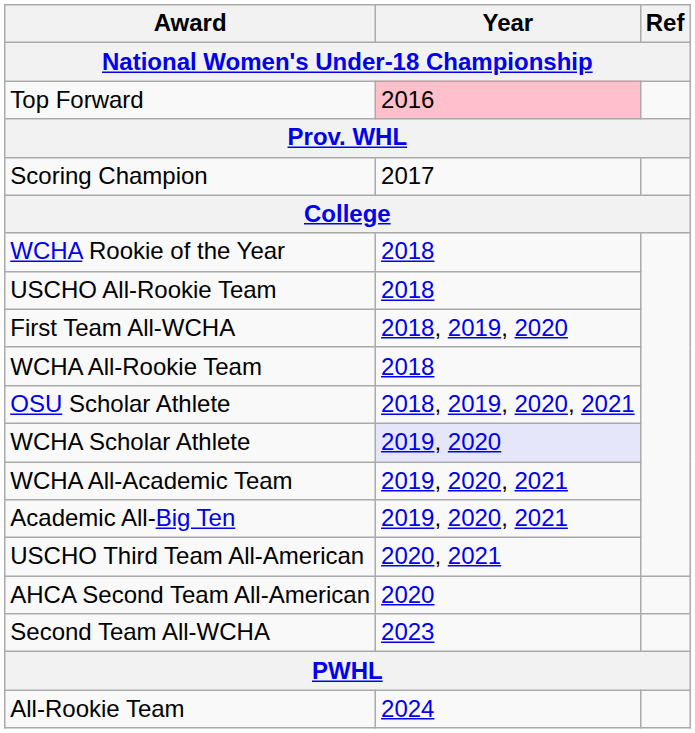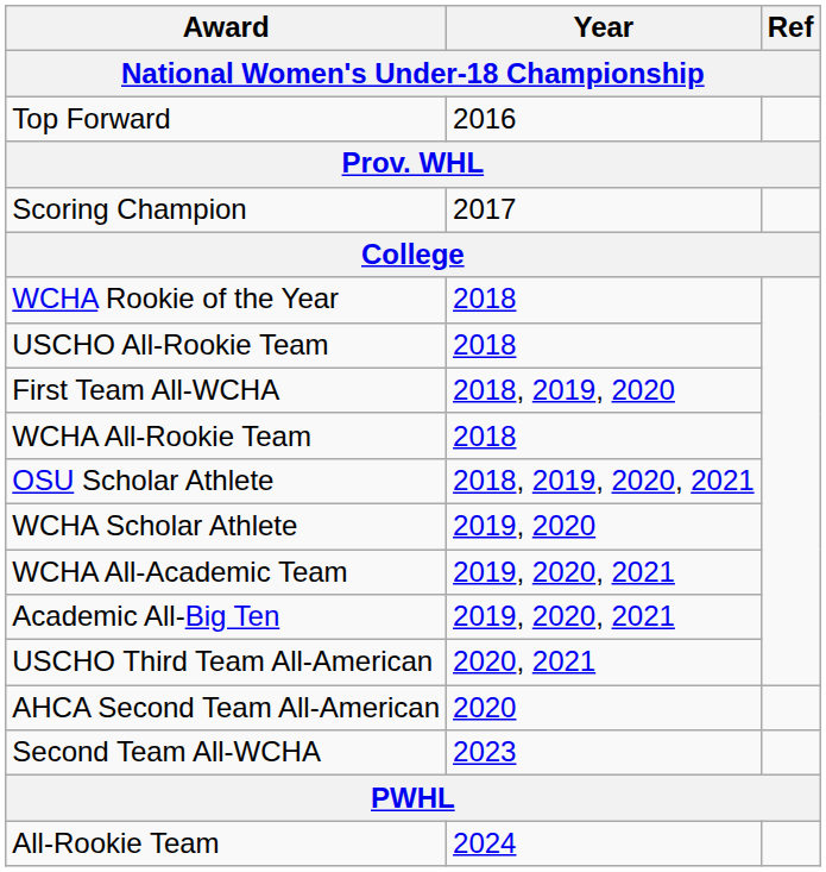 <table class="wikitable">
 <tr>
 <th>Award</th>
 <th>Year</th>
 <th>Ref</th>
 </tr>
 <tr>
 <th colspan="3"><a href='#'>National Women's Under-18 Championship</a></th>
 </tr>
 <tr>
 <td>Top Forward</td>
-<td style="background: pink;">2016</td>
+<td>2016</td>
 <td></td>
 </tr>
 <tr>
 <th colspan="3"><a href='#'>Prov. WHL</a></th>
 </tr>
 <tr>
 <td>Scoring Champion</td>
 <td>2017</td>
 <td></td>
 </tr>
 <tr>
 <th colspan="3"><a href='#'>College</a></th>
 </tr>
 <tr>
 <td><a href='#'>WCHA</a> Rookie of the Year</td>
 <td><a href='#'>2018</a></td>
 <td rowspan="9"></td>
 </tr>
 <tr>
 <td>USCHO All-Rookie Team</td>
 <td><a href='#'>2018</a></td>
 </tr>
 <tr>
 <td>First Team All-WCHA</td>
 <td><a href='#'>2018</a>, <a href='#'>2019</a>, <a href='#'>2020</a></td>
 </tr>
 <tr>
 <td>WCHA All-Rookie Team</td>
 <td><a href='#'>2018</a></td>
 </tr>
 <tr>
 <td><a href='#'>OSU</a> Scholar Athlete</td>
 <td><a href='#'>2018</a>, <a href='#'>2019</a>, <a href='#'>2020</a>, <a href='#'>2021</a></td>
 </tr>
 <tr>
 <td>WCHA Scholar Athlete</td>
-<td style="background: lavender;"><a href='#'>2019</a>, <a href='#'>2020</a></td>
+<td><a href='#'>2019</a>, <a href='#'>2020</a></td>
 </tr>
 <tr>
 <td>WCHA All-Academic Team</td>
 <td><a href='#'>2019</a>, <a href='#'>2020</a>, <a href='#'>2021</a></td>
 </tr>
 <tr>
 <td>Academic All-<a href='#'>Big Ten</a></td>
 <td><a href='#'>2019</a>, <a href='#'>2020</a>, <a href='#'>2021</a></td>
 </tr>
 <tr>
 <td>USCHO Third Team All-American</td>
 <td><a href='#'>2020</a>, <a href='#'>2021</a></td>
 </tr>
 <tr>
 <td>AHCA Second Team All-American</td>
 <td><a href='#'>2020</a></td>
 <td></td>
 </tr>
 <tr>
 <td>Second Team All-WCHA</td>
 <td><a href='#'>2023</a></td>
 <td></td>
 </tr>
 <tr>
 <th colspan="3"><a href='#'>PWHL</a></th>
 </tr>
 <tr>
 <td>All-Rookie Team</td>
 <td><a href='#'>2024</a></td>
 <td></td>
 </tr>
 </table>
